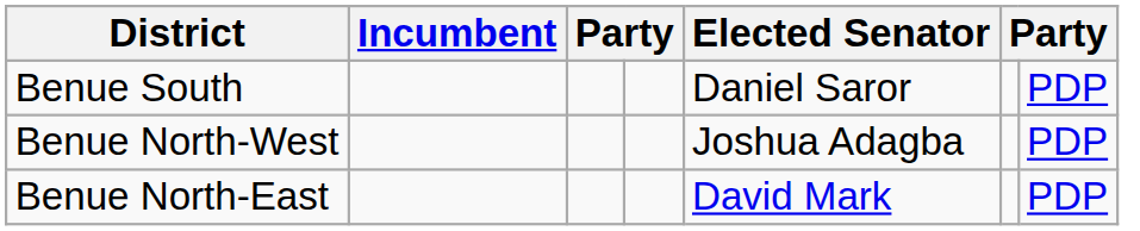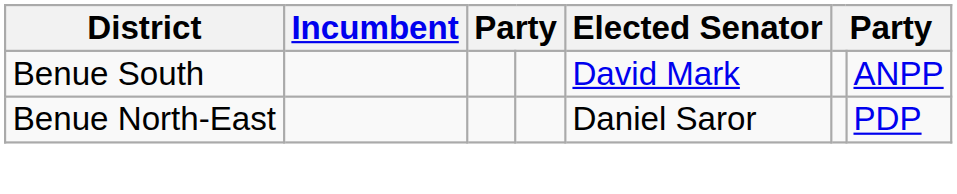 <table class="sortable wikitable" style="font-size:95%;line-height:14px;">
 <tr>
 <th class="unsortable">District</th>
 <th class="unsortable"><a href='#'>Incumbent</a></th>
 <th colspan="2">Party</th>
 <th class="unsortable">Elected Senator</th>
 <th colspan="2">Party</th>
 </tr>
 <tr>
 <td>Benue South</td>
 <td></td>
 <td></td>
 <td></td>
-<td>Daniel Saror</td>
+<td><a href='#'>David Mark</a></td>
 <td style="background:"></td>
-<td><a href='#'>PDP</a></td>
-</tr>
-<tr>
-<td>Benue North-West</td>
-<td></td>
-<td></td>
-<td></td>
-<td>Joshua Adagba</td>
-<td style="background:"></td>
-<td><a href='#'>PDP</a></td>
+<td><a href='#'>ANPP</a></td>
 </tr>
 <tr>
 <td>Benue North-East</td>
 <td></td>
 <td></td>
 <td></td>
-<td><a href='#'>David Mark</a></td>
+<td>Daniel Saror</td>
 <td style="background:"></td>
 <td><a href='#'>PDP</a></td>
 </tr>
 </table>
